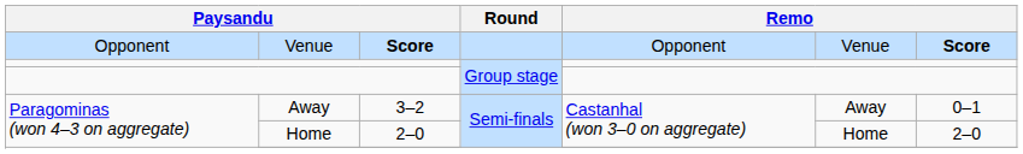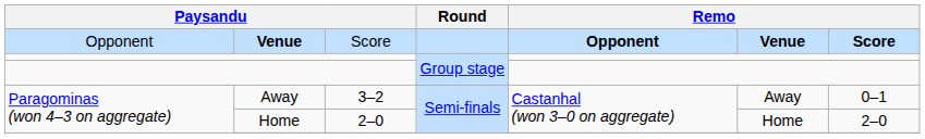 <table class="wikitable" style="text-align: center;">
 <tr>
 <th colspan=3><a href='#'>Paysandu</a></th>
 <th>Round</th>
 <th colspan=3><a href='#'>Remo</a></th>
 </tr>
 <tr bgcolor=#c1e0ff>
 <td width=25%>Opponent</td>
-<td width=10%>Venue</td>
-<td width=10%><strong>Score</strong></td>
+<td width=10%><strong>Venue</strong></td>
+<td width=10%>Score</td>
 <td width=10%></td>
-<td width=25%>Opponent</td>
-<td width=10%>Venue</td>
+<td width=25%><strong>Opponent</strong></td>
+<td width=10%><strong>Venue</strong></td>
 <td width=10%><strong>Score</strong></td>
 </tr>
 <tr>
 <td colspan=3></td>
 <td rowspan=2 bgcolor=#c1e0ff><a href='#'>Group stage</a></td>
 <td colspan=3></td>
 </tr>
 <tr>
 <td colspan=3 align=center valign=top><br></td>
 <td colspan=3 align=center valign=top><br></td>
 </tr>
 <tr>
 <td rowspan=3 align=left><a href='#'>Paragominas</a><br><em>(won 4–3 on aggregate)</em></td>
 <td>Away</td>
 <td>3–2</td>
 <td rowspan=3 bgcolor=#c1e0ff><a href='#'>Semi-finals</a></td>
 <td rowspan=2 align=left><a href='#'>Castanhal</a><br><em>(won 3–0 on aggregate)</em></td>
 <td>Away</td>
 <td>0–1</td>
 </tr>
 <tr>
 <td>Home</td>
 <td>2–0</td>
 <td>Home</td>
 <td>2–0</td>
 </tr>
 <tr>
 </tr>
 </table>
